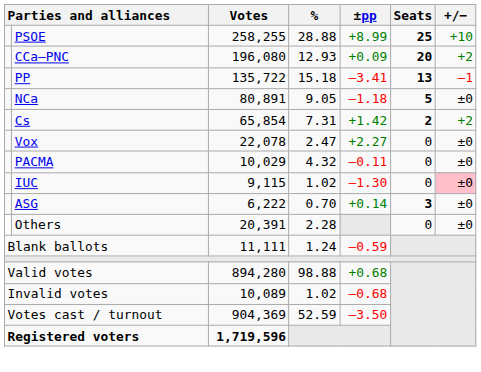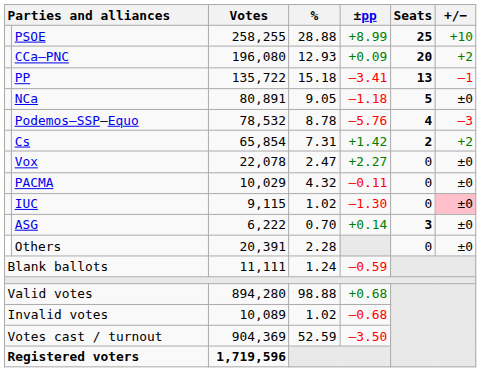 <table class="wikitable" style="text-align:right;">
 <tr>
 <th style="text-align:left;" colspan="2" width="200">Parties and alliances</th>
 <th width="75">Votes</th>
 <th width="45">%</th>
 <th width="45">±<a href='#'>pp</a></th>
 <th width="35">Seats</th>
 <th width="35">+/−</th>
 </tr>
 <tr>
 <td width="1" style="color:inherit;background:"></td>
 <td align="left"><a href='#'>PSOE</a></td>
 <td>258,255</td>
 <td>28.88</td>
 <td style="color:green;">+8.99</td>
 <td><strong>25</strong></td>
 <td style="color:green;">+10</td>
 </tr>
 <tr>
 <td style="color:inherit;background:"></td>
 <td align="left"><a href='#'>CCa–PNC</a></td>
 <td>196,080</td>
 <td>12.93</td>
 <td style="color:green;">+0.09</td>
 <td><strong>20</strong></td>
 <td style="color:green;">+2</td>
 </tr>
 <tr>
 <td style="color:inherit;background:"></td>
 <td align="left"><a href='#'>PP</a></td>
 <td>135,722</td>
 <td>15.18</td>
 <td style="color:red;">–3.41</td>
 <td><strong>13</strong></td>
 <td style="color:red;">–1</td>
 </tr>
 <tr>
 <td style="color:inherit;background:"></td>
 <td align="left"><a href='#'>NCa</a></td>
 <td>80,891</td>
 <td>9.05</td>
 <td style="color:red;">–1.18</td>
 <td><strong>5</strong></td>
 <td>±0</td>
+</tr>
+<tr>
+<td style="color:inherit;background:"></td>
+<td align="left"><a href='#'>Podemos–SSP</a>–<a href='#'>Equo</a></td>
+<td>78,532</td>
+<td>8.78</td>
+<td style="color:red;">–5.76</td>
+<td><strong>4</strong></td>
+<td style="color:red;">–3</td>
 </tr>
 <tr>
 <td style="color:inherit;background:"></td>
 <td align="left"><a href='#'>Cs</a></td>
 <td>65,854</td>
 <td>7.31</td>
 <td style="color:green;">+1.42</td>
 <td><strong>2</strong></td>
 <td style="color:green;">+2</td>
 </tr>
 <tr>
 <td style="color:inherit;background:"></td>
 <td align="left"><a href='#'>Vox</a></td>
 <td>22,078</td>
 <td>2.47</td>
 <td style="color:green;">+2.27</td>
 <td>0</td>
 <td>±0</td>
 </tr>
 <tr>
 <td style="color:inherit;background:"></td>
 <td align="left"><a href='#'>PACMA</a></td>
 <td>10,029</td>
 <td>4.32</td>
 <td style="color:red;">–0.11</td>
 <td>0</td>
 <td>±0</td>
 </tr>
 <tr>
 <td style="color:inherit;background:"></td>
 <td align="left"><a href='#'>IUC</a></td>
 <td>9,115</td>
 <td>1.02</td>
 <td style="color:red;">–1.30</td>
 <td>0</td>
 <td style="background: pink;">±0</td>
 </tr>
 <tr>
 <td style="color:inherit;background:"></td>
 <td align="left"><a href='#'>ASG</a></td>
 <td>6,222</td>
 <td>0.70</td>
 <td style="color:green;">+0.14</td>
 <td><strong>3</strong></td>
 <td>±0</td>
 </tr>
 <tr>
 <td bgcolor="white"></td>
 <td align="left">Others</td>
 <td>20,391</td>
 <td>2.28</td>
 <td bgcolor="#E9E9E9"></td>
 <td>0</td>
 <td>±0</td>
 </tr>
 <tr>
 <td align="left" colspan="2">Blank ballots</td>
 <td>11,111</td>
 <td>1.24</td>
 <td style="color:red;">–0.59</td>
 <td bgcolor="#E9E9E9" colspan="2"></td>
 </tr>
 <tr>
 <td colspan="7" bgcolor="#E9E9E9"></td>
 </tr>
 <tr>
 <td align="left" colspan="2">Valid votes</td>
 <td>894,280</td>
 <td>98.88</td>
 <td style="color:green;">+0.68</td>
 <td bgcolor="#E9E9E9" colspan="2" rowspan="4"></td>
 </tr>
 <tr>
 <td align="left" colspan="2">Invalid votes</td>
 <td>10,089</td>
 <td>1.02</td>
 <td style="color:red;">–0.68</td>
 </tr>
 <tr>
 <td align="left" colspan="2">Votes cast / turnout</td>
 <td>904,369</td>
 <td>52.59</td>
 <td style="color:red;">–3.50</td>
 </tr>
 <tr style="font-weight:bold;">
 <td align="left" colspan="2">Registered voters</td>
 <td>1,719,596</td>
 <td bgcolor="#E9E9E9" colspan="2"></td>
 </tr>
 </table>
